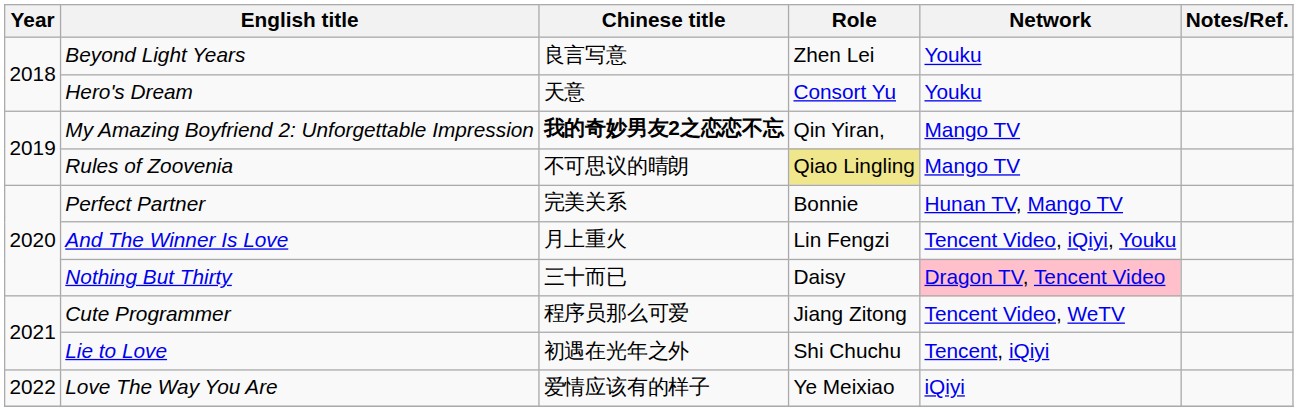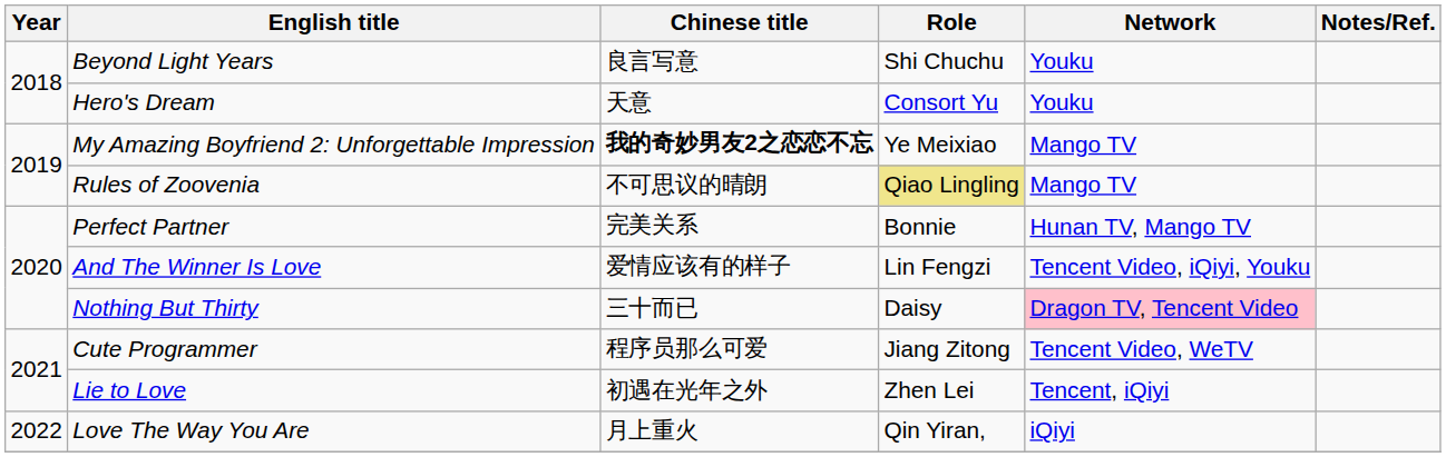 <table class="wikitable">
 <tr>
 <th width=10>Year</th>
 <th>English title</th>
 <th>Chinese title</th>
 <th>Role</th>
 <th>Network</th>
 <th>Notes/Ref.</th>
 </tr>
 <tr>
 <td rowspan=2>2018</td>
 <td><em>Beyond Light Years</em></td>
 <td>良言写意</td>
-<td>Zhen Lei</td>
+<td>Shi Chuchu</td>
 <td><a href='#'>Youku</a></td>
 <td></td>
 </tr>
 <tr>
 <td><em>Hero's Dream</em></td>
 <td>天意</td>
 <td><a href='#'>Consort Yu</a></td>
 <td><a href='#'>Youku</a></td>
 <td></td>
 </tr>
 <tr>
 <td rowspan=2>2019</td>
 <td><em>My Amazing Boyfriend 2: Unforgettable Impression</em></td>
 <td><strong>我的奇妙男友2之恋恋不忘</strong></td>
-<td>Qin Yiran,</td>
+<td>Ye Meixiao</td>
 <td><a href='#'>Mango TV</a></td>
 <td></td>
 </tr>
 <tr>
 <td><em>Rules of Zoovenia</em></td>
 <td>不可思议的晴朗</td>
 <td style="background: khaki;">Qiao Lingling</td>
 <td><a href='#'>Mango TV</a></td>
 <td></td>
 </tr>
 <tr>
 <td rowspan=3>2020</td>
 <td><em>Perfect Partner</em></td>
 <td>完美关系</td>
 <td>Bonnie</td>
 <td><a href='#'>Hunan TV</a>, <a href='#'>Mango TV</a></td>
 <td></td>
 </tr>
 <tr>
 <td><em><a href='#'>And The Winner Is Love</a></em></td>
-<td>月上重火</td>
+<td>爱情应该有的样子</td>
 <td>Lin Fengzi</td>
 <td><a href='#'>Tencent Video</a>, <a href='#'>iQiyi</a>, <a href='#'>Youku</a></td>
 <td></td>
 </tr>
 <tr>
 <td><em><a href='#'>Nothing But Thirty</a></em></td>
 <td>三十而已</td>
 <td>Daisy</td>
 <td style="background: pink;"><a href='#'>Dragon TV</a>, <a href='#'>Tencent Video</a></td>
 <td></td>
 </tr>
 <tr>
 <td rowspan=2>2021</td>
 <td><em>Cute Programmer</em></td>
 <td>程序员那么可爱</td>
 <td>Jiang Zitong</td>
 <td><a href='#'>Tencent Video</a>, <a href='#'>WeTV</a></td>
 <td></td>
 </tr>
 <tr>
 <td><em><a href='#'>Lie to Love</a></em></td>
 <td>初遇在光年之外</td>
-<td>Shi Chuchu</td>
+<td>Zhen Lei</td>
 <td><a href='#'>Tencent</a>, <a href='#'>iQiyi</a></td>
 <td></td>
 </tr>
 <tr>
 <td>2022</td>
 <td><em>Love The Way You Are</em></td>
-<td>爱情应该有的样子</td>
-<td>Ye Meixiao</td>
+<td>月上重火</td>
+<td>Qin Yiran,</td>
 <td><a href='#'>iQiyi</a></td>
 <td></td>
 </tr>
 <tr>
 </tr>
 </table>
